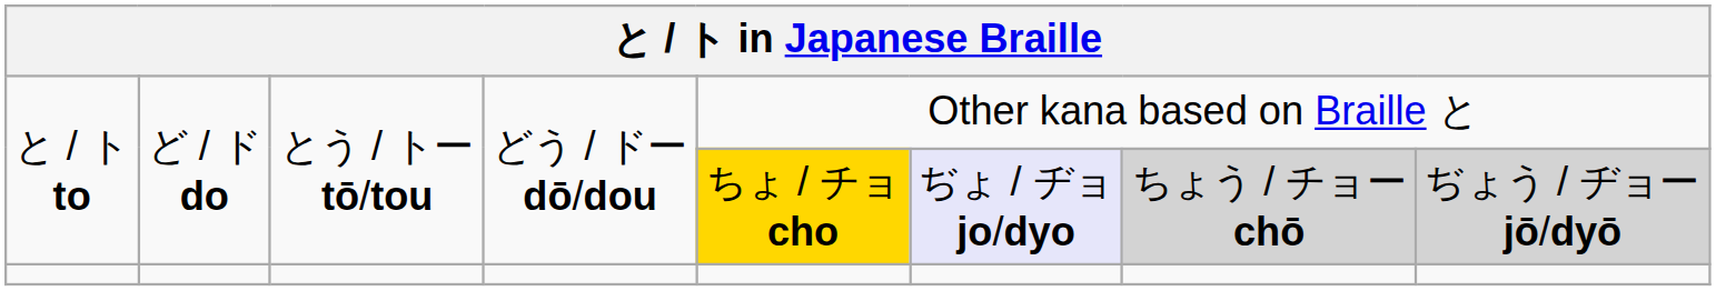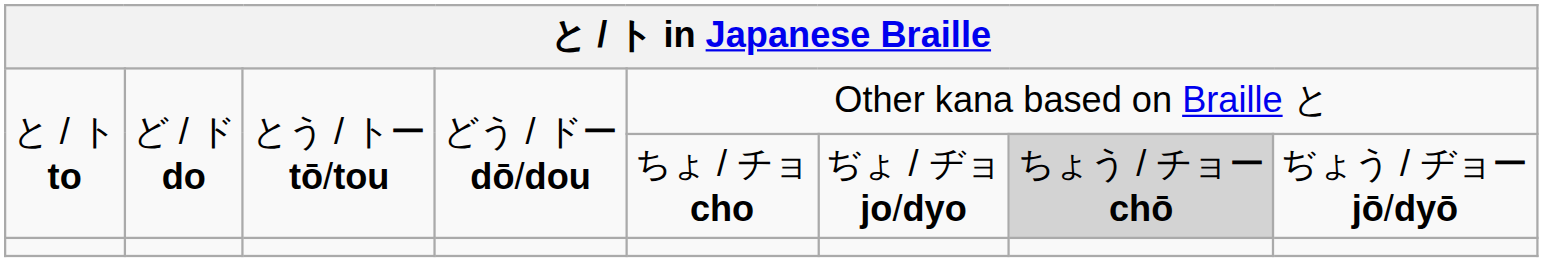 <table class="wikitable nowrap" style="text-align:center">
 <tr>
 <th colspan=8>と / ト in <a href='#'>Japanese Braille</a></th>
 </tr>
 <tr>
 <td rowspan=2>と / ト <br><strong>to</strong></td>
 <td rowspan=2>ど / ド <br><strong>do</strong></td>
 <td rowspan=2>とう / トー <br><strong>tō</strong>/<strong>tou</strong></td>
 <td rowspan=2>どう / ドー <br><strong>dō</strong>/<strong>dou</strong></td>
 <td colspan=4>Other kana based on <a href='#'>Braille</a> と</td>
 </tr>
 <tr>
-<td style="background: gold;">ちょ / チョ <br><strong>cho</strong></td>
-<td style="background: lavender;">ぢょ / ヂョ <br><strong>jo</strong>/<strong>dyo</strong></td>
+<td>ちょ / チョ <br><strong>cho</strong></td>
+<td>ぢょ / ヂョ <br><strong>jo</strong>/<strong>dyo</strong></td>
 <td style="background: lightgrey;">ちょう / チョー <br><strong>chō</strong></td>
-<td style="background: lightgrey;">ぢょう / ヂョー <br><strong>jō</strong>/<strong>dyō</strong></td>
+<td>ぢょう / ヂョー <br><strong>jō</strong>/<strong>dyō</strong></td>
 </tr>
 <tr>
 <td></td>
 <td></td>
 <td></td>
 <td></td>
 <td></td>
 <td></td>
 <td></td>
 <td></td>
 </tr>
 </table>
